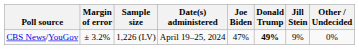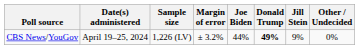 <table class="wikitable sortable mw-datatable" style="font-size:90%;text-align:center;line-height:17px">
 <tr valign=bottom>
 <th>Poll source</th>
+<th>Date(s)<br>administered</th>
+<th>Sample<br>size</th>
 <th>Margin<br>of error</th>
-<th>Sample<br>size</th>
-<th>Date(s)<br>administered</th>
 <th class="unsortable">Joe<br>Biden<br></th>
 <th class="unsortable">Donald<br>Trump<br></th>
 <th class="unsortable">Jill<br>Stein<br></th>
 <th class="unsortable">Other /<br>Undecided</th>
 </tr>
 <tr>
 <td style="text-align:left;"><a href='#'>CBS News</a>/<a href='#'>YouGov</a></td>
+<td data-sort-value="2023-11-09">April 19–25, 2024</td>
+<td>1,226 (LV)</td>
 <td>± 3.2%</td>
-<td>1,226 (LV)</td>
-<td data-sort-value="2023-11-09">April 19–25, 2024</td>
-<td>47%</td>
+<td>44%</td>
 <td style="background-color:"><strong>49%</strong></td>
 <td>9%</td>
 <td>0%</td>
 </tr>
 </table>
